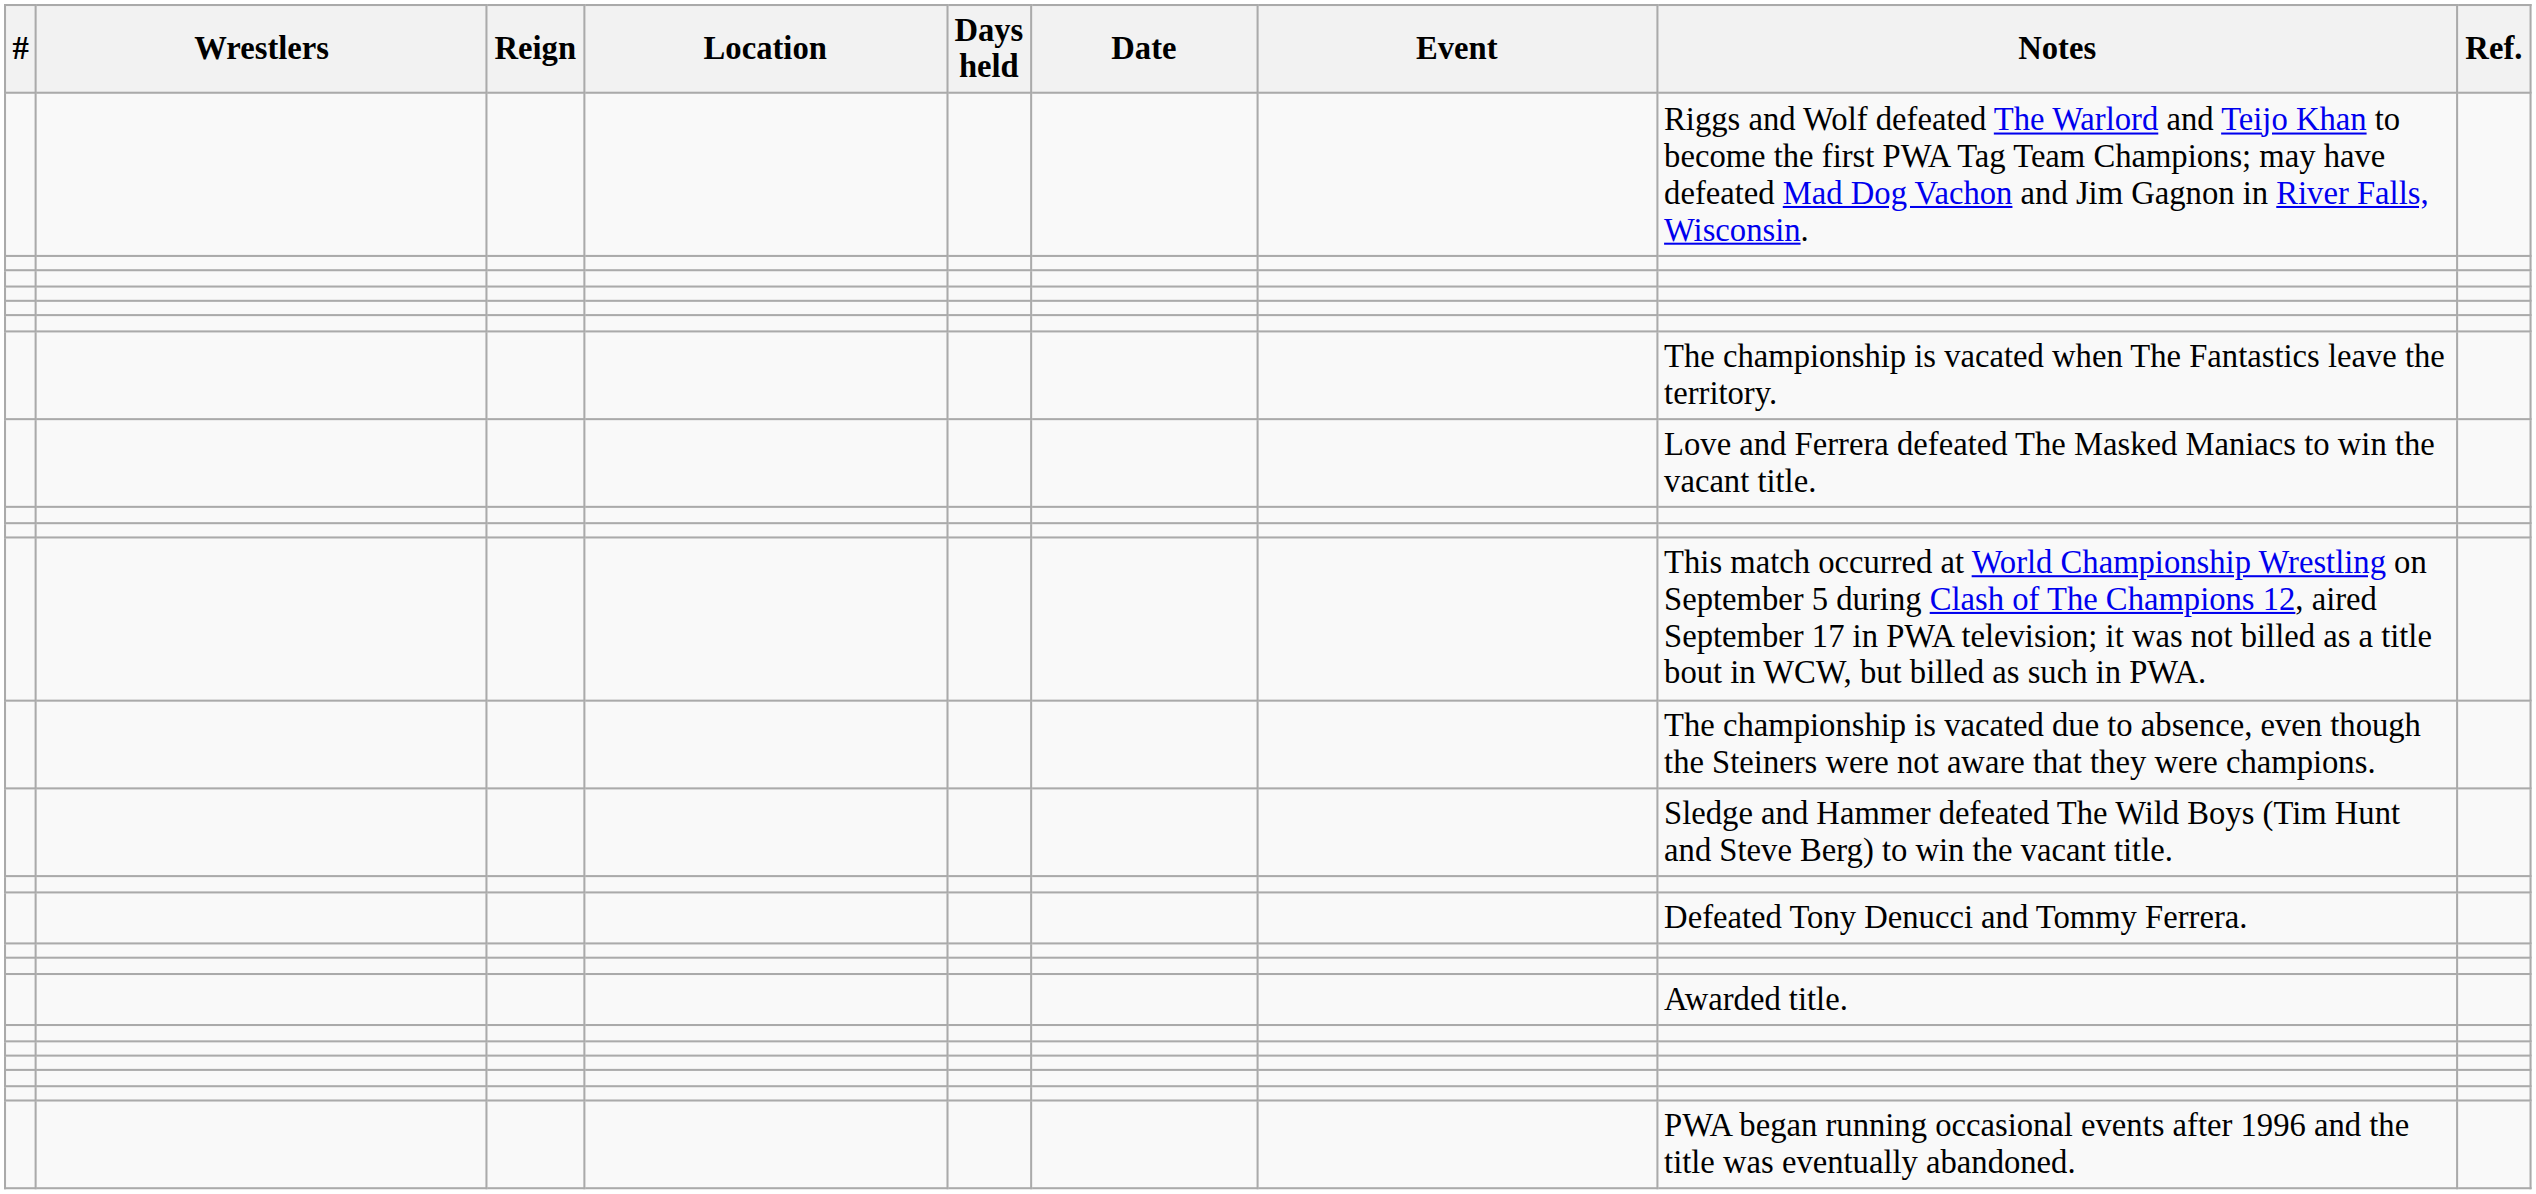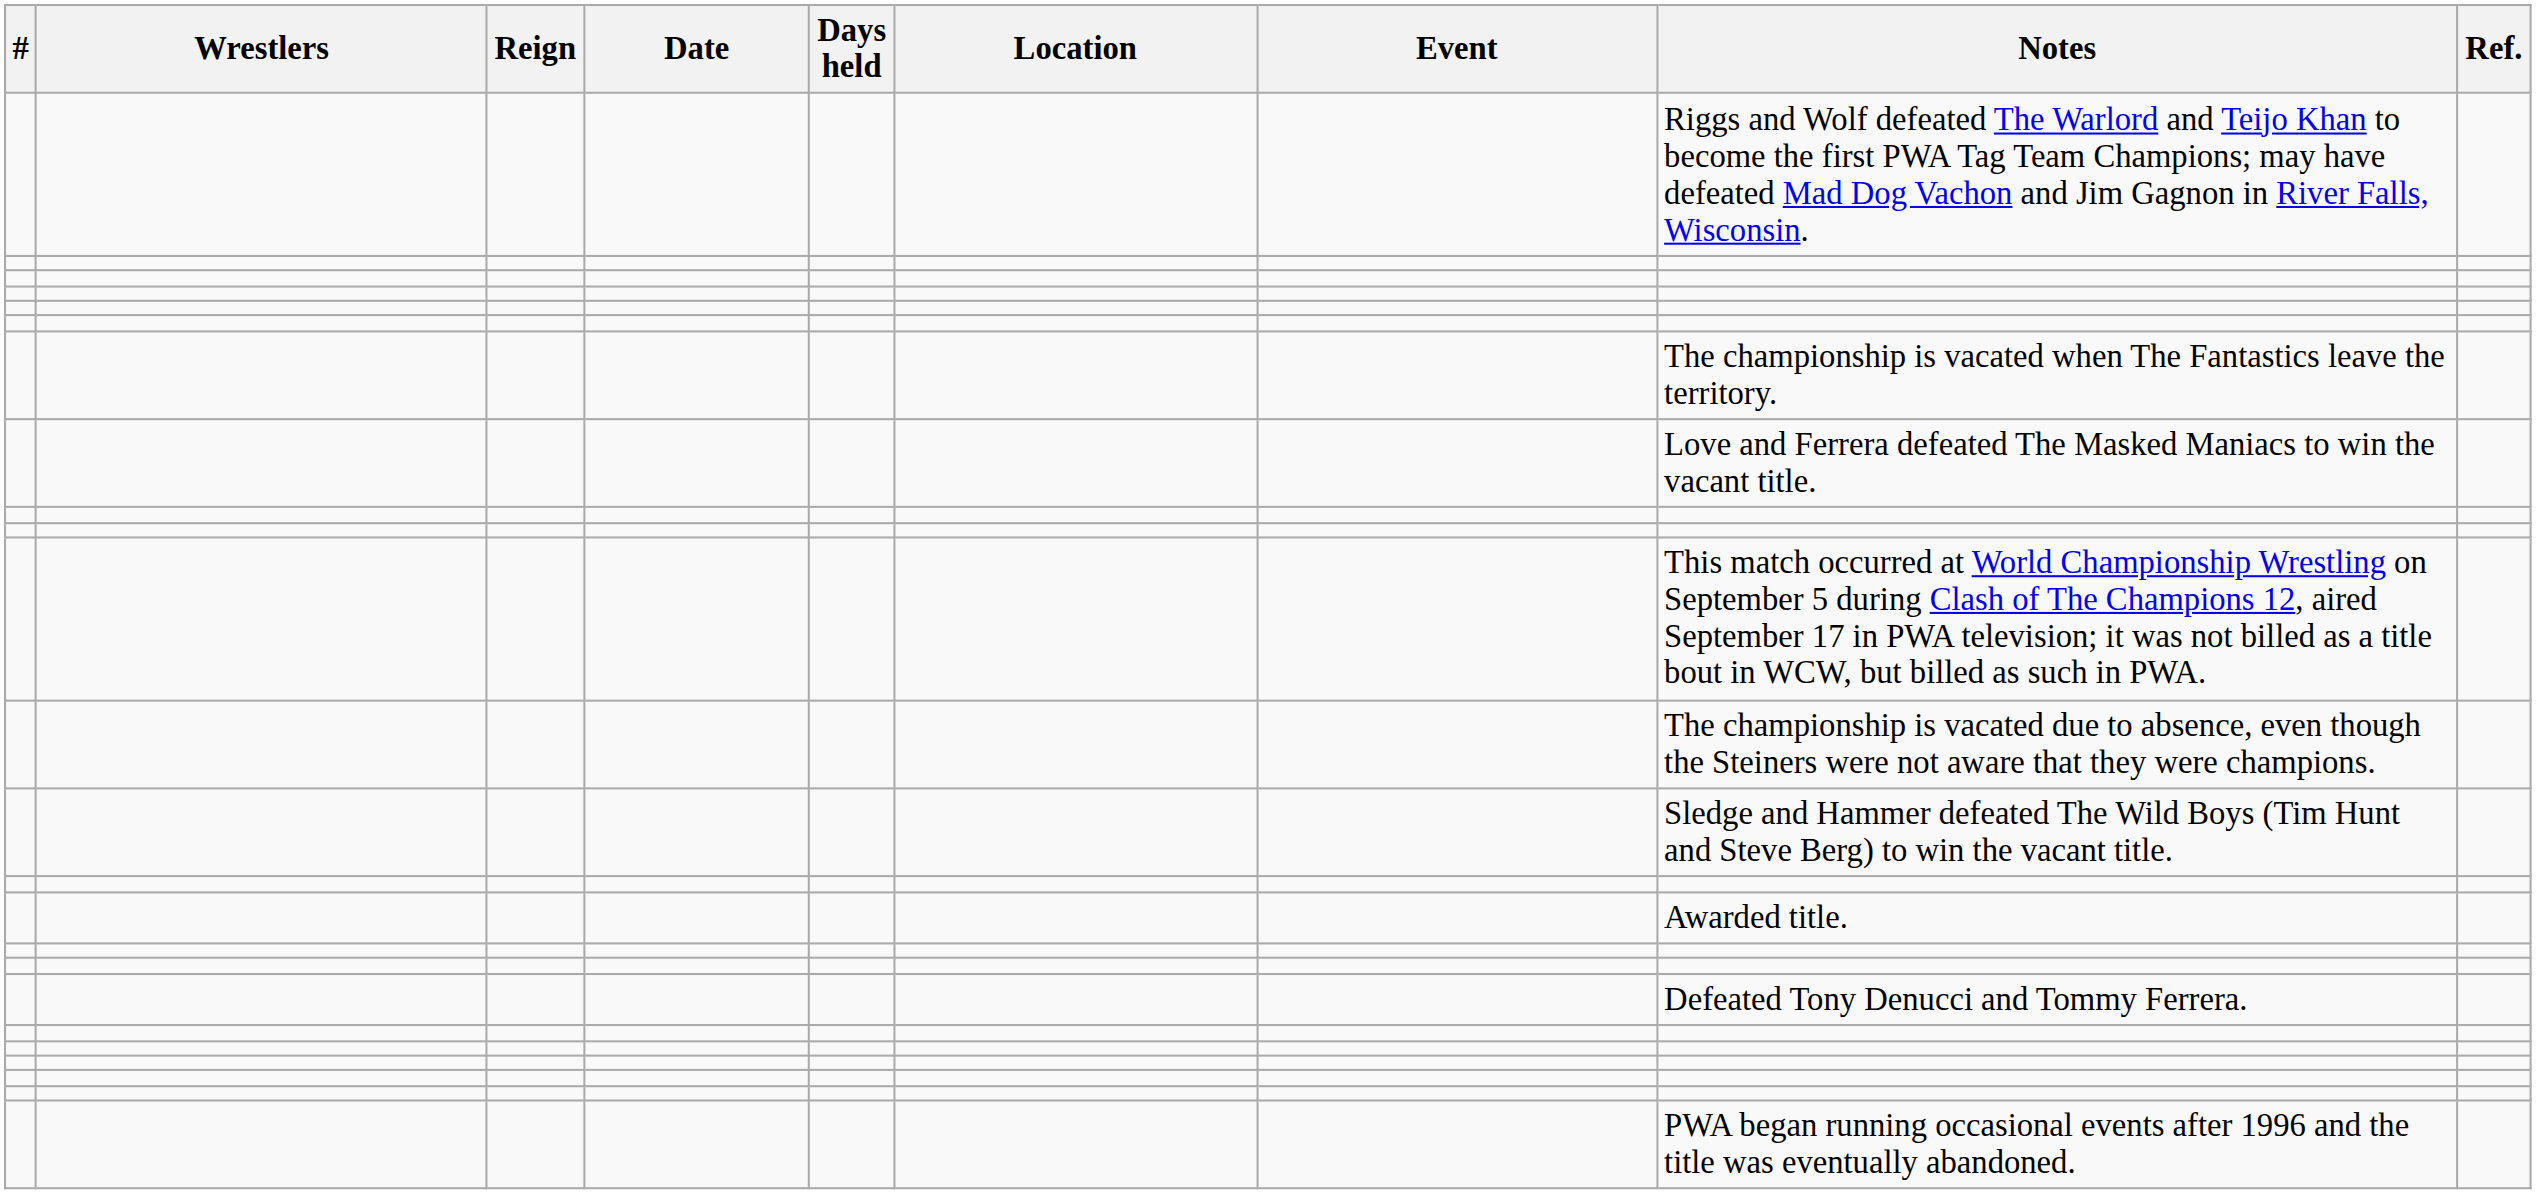 <table class="wikitable sortable" width=98% style="text-align:center;">
 <tr>
 <th width=0%>#</th>
 <th width=20%>Wrestlers</th>
 <th width=0%>Reign</th>
+<th width=10%>Date</th>
+<th width=0%>Days<br>held</th>
 <th width=16%>Location</th>
-<th width=0%>Days<br>held</th>
-<th width=10%>Date</th>
 <th width=18%>Event</th>
 <th width=60% class="unsortable">Notes</th>
 <th width=0% class="unsortable">Ref.</th>
 </tr>
 <tr>
 <td></td>
 <td></td>
 <td></td>
 <td></td>
 <td></td>
 <td></td>
 <td></td>
 <td align="left">Riggs and Wolf defeated <a href='#'>The Warlord</a> and <a href='#'>Teijo Khan</a> to become the first PWA Tag Team Champions; may have defeated <a href='#'>Mad Dog Vachon</a> and Jim Gagnon in <a href='#'>River Falls, Wisconsin</a>.</td>
 <td align="left"></td>
 </tr>
 <tr>
 <td></td>
 <td></td>
 <td></td>
 <td></td>
 <td></td>
 <td></td>
 <td></td>
 <td align="left"></td>
 <td align="left"></td>
 </tr>
 <tr>
 <td></td>
 <td></td>
 <td></td>
 <td></td>
 <td></td>
 <td></td>
 <td></td>
 <td align="left"></td>
 <td align="left"></td>
 </tr>
 <tr>
 <td></td>
 <td></td>
 <td></td>
 <td></td>
 <td></td>
 <td></td>
 <td></td>
 <td align="left"></td>
 <td align="left"></td>
 </tr>
 <tr>
 <td></td>
 <td></td>
 <td></td>
 <td></td>
 <td></td>
 <td></td>
 <td></td>
 <td align="left"></td>
 <td align="left"></td>
 </tr>
 <tr>
 <td></td>
 <td></td>
 <td></td>
 <td></td>
 <td></td>
 <td></td>
 <td></td>
 <td align="left"></td>
 <td align="left"></td>
 </tr>
 <tr>
 <td></td>
 <td></td>
 <td></td>
 <td></td>
 <td></td>
 <td></td>
 <td></td>
 <td align="left">The championship is vacated when The Fantastics leave the territory.</td>
 <td align="left"></td>
 </tr>
 <tr>
 <td></td>
 <td></td>
 <td></td>
 <td></td>
 <td></td>
 <td></td>
 <td></td>
 <td align="left">Love and Ferrera defeated The Masked Maniacs to win the vacant title.</td>
 <td align="left"></td>
 </tr>
 <tr>
 <td></td>
 <td></td>
 <td></td>
 <td></td>
 <td></td>
 <td></td>
 <td></td>
 <td align="left"></td>
 <td align="left"></td>
 </tr>
 <tr>
 <td></td>
 <td></td>
 <td></td>
 <td></td>
 <td></td>
 <td></td>
 <td></td>
 <td align="left"></td>
 <td align="left"></td>
 </tr>
 <tr>
 <td></td>
 <td></td>
 <td></td>
 <td></td>
 <td></td>
 <td></td>
 <td></td>
 <td align="left">This match occurred at <a href='#'>World Championship Wrestling</a> on September 5 during <a href='#'>Clash of The Champions 12</a>, aired September 17 in PWA television; it was not billed as a title bout in WCW, but billed as such in PWA.</td>
 <td align="left"></td>
 </tr>
 <tr>
 <td></td>
 <td></td>
 <td></td>
 <td></td>
 <td></td>
 <td></td>
 <td></td>
 <td align="left">The championship is vacated due to absence, even though the Steiners were not aware that they were champions.</td>
 <td align="left"></td>
 </tr>
 <tr>
 <td></td>
 <td></td>
 <td></td>
 <td></td>
 <td></td>
 <td></td>
 <td></td>
 <td align="left">Sledge and Hammer defeated The Wild Boys (Tim Hunt and Steve Berg) to win the vacant title.</td>
 <td align="left"></td>
 </tr>
 <tr>
 <td></td>
 <td></td>
 <td></td>
 <td></td>
 <td></td>
 <td></td>
 <td></td>
 <td align="left"></td>
 <td align="left"></td>
 </tr>
 <tr>
 <td></td>
 <td></td>
 <td></td>
 <td></td>
 <td></td>
 <td></td>
 <td></td>
-<td align="left">Defeated Tony Denucci and Tommy Ferrera.</td>
+<td align="left">Awarded title.</td>
 <td align="left"></td>
 </tr>
 <tr>
 <td></td>
 <td></td>
 <td></td>
 <td></td>
 <td></td>
 <td></td>
 <td></td>
 <td align="left"></td>
 <td align="left"></td>
 </tr>
 <tr>
 <td></td>
 <td></td>
 <td></td>
 <td></td>
 <td></td>
 <td></td>
 <td></td>
 <td align="left"></td>
 <td align="left"></td>
 </tr>
 <tr>
 <td></td>
 <td></td>
 <td></td>
 <td></td>
 <td></td>
 <td></td>
 <td></td>
-<td align="left">Awarded title.</td>
+<td align="left">Defeated Tony Denucci and Tommy Ferrera.</td>
 <td align="left"></td>
 </tr>
 <tr>
 <td></td>
 <td></td>
 <td></td>
 <td></td>
 <td></td>
 <td></td>
 <td></td>
 <td align="left"></td>
 <td align="left"></td>
 </tr>
 <tr>
 <td></td>
 <td></td>
 <td></td>
+<td> </td>
 <td></td>
 <td></td>
-<td> </td>
 <td></td>
 <td align="left"></td>
 <td align="left"></td>
 </tr>
 <tr>
 <td></td>
 <td></td>
 <td></td>
 <td></td>
 <td></td>
 <td></td>
 <td></td>
 <td align="left"></td>
 <td align="left"></td>
 </tr>
 <tr>
 <td></td>
 <td></td>
 <td></td>
+<td> </td>
 <td></td>
 <td></td>
-<td> </td>
 <td></td>
 <td align="left"></td>
 <td align="left"></td>
 </tr>
 <tr>
 <td></td>
 <td></td>
 <td></td>
+<td> </td>
 <td></td>
 <td></td>
-<td> </td>
 <td></td>
 <td align="left"></td>
 <td align="left"></td>
 </tr>
 <tr>
 <td></td>
 <td></td>
 <td></td>
 <td></td>
 <td></td>
 <td></td>
 <td></td>
 <td align="left">PWA began running occasional events after 1996 and the title was eventually abandoned.</td>
 <td align="left"></td>
 </tr>
 </table>
